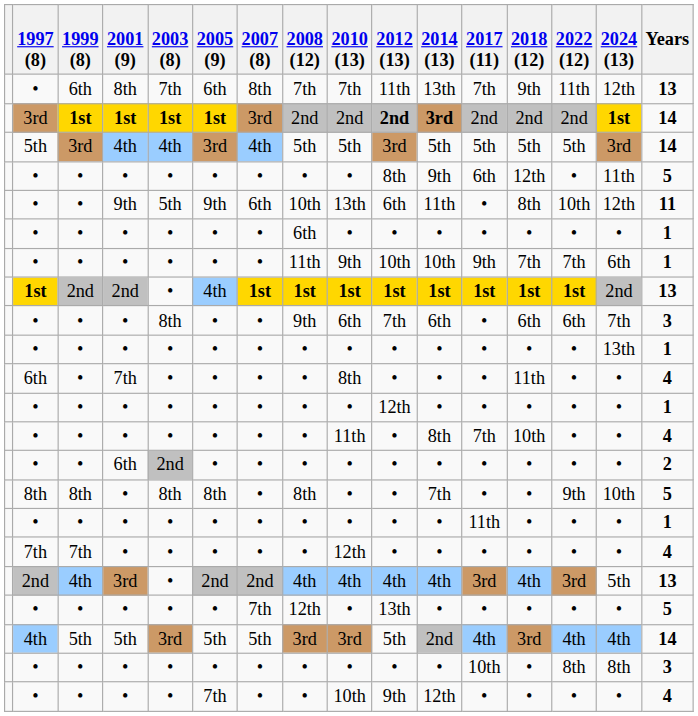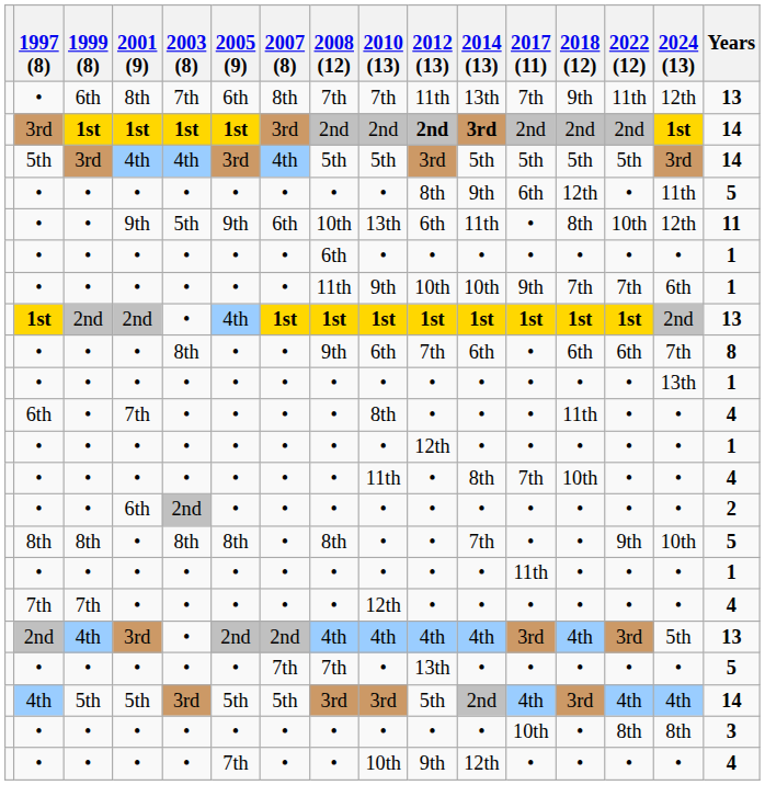 <table class="wikitable" style="text-align:center; font-size:100%">
 <tr>
 <th></th>
 <th><br><a href='#'>1997</a><br>(8)</th>
 <th><br><a href='#'>1999</a><br>(8)</th>
 <th><br><a href='#'>2001</a><br>(9)</th>
 <th><br><a href='#'>2003</a><br>(8)</th>
 <th><br><a href='#'>2005</a><br>(9)</th>
 <th><br><a href='#'>2007</a><br>(8)</th>
 <th><br><a href='#'>2008</a><br>(12)</th>
 <th><br><a href='#'>2010</a><br>(13)</th>
 <th><br><a href='#'>2012</a><br>(13)</th>
 <th><br><a href='#'>2014</a><br>(13)</th>
 <th><br><a href='#'>2017</a><br>(11)</th>
 <th><br><a href='#'>2018</a><br>(12)</th>
 <th><br><a href='#'>2022</a><br>(12)</th>
 <th><br><a href='#'>2024</a><br>(13)</th>
 <th>Years</th>
 </tr>
 <tr>
 <td align=left></td>
 <td>•</td>
 <td>6th</td>
 <td>8th</td>
 <td>7th</td>
 <td>6th</td>
 <td>8th</td>
 <td>7th</td>
 <td>7th</td>
 <td>11th</td>
 <td>13th</td>
 <td>7th</td>
 <td>9th</td>
 <td>11th</td>
 <td>12th</td>
 <td><strong>13</strong></td>
 </tr>
 <tr>
 <td align=left></td>
 <td bgcolor=#cc9966>3rd</td>
 <td bgcolor=gold><strong>1st</strong></td>
 <td bgcolor=gold><strong>1st</strong></td>
 <td bgcolor=gold><strong>1st</strong></td>
 <td bgcolor=gold><strong>1st</strong></td>
 <td bgcolor=#cc9966>3rd</td>
 <td bgcolor=silver>2nd</td>
 <td bgcolor=silver>2nd</td>
 <td bgcolor=silver><strong>2nd</strong></td>
 <td bgcolor=#cc9966><strong>3rd</strong></td>
 <td bgcolor=silver>2nd</td>
 <td bgcolor=silver>2nd</td>
 <td bgcolor=silver>2nd</td>
 <td bgcolor=gold><strong>1st</strong></td>
 <td><strong>14</strong></td>
 </tr>
 <tr>
 <td align=left></td>
 <td>5th</td>
 <td bgcolor=#cc9966>3rd</td>
 <td bgcolor="9acdff">4th</td>
 <td bgcolor="9acdff">4th</td>
 <td bgcolor=#cc9966>3rd</td>
 <td bgcolor="9acdff">4th</td>
 <td>5th</td>
 <td>5th</td>
 <td bgcolor=#cc9966>3rd</td>
 <td>5th</td>
 <td>5th</td>
 <td>5th</td>
 <td>5th</td>
 <td bgcolor=#cc9966>3rd</td>
 <td><strong>14</strong></td>
 </tr>
 <tr>
 <td align=left></td>
 <td>•</td>
 <td>•</td>
 <td>•</td>
 <td>•</td>
 <td>•</td>
 <td>•</td>
 <td>•</td>
 <td>•</td>
 <td>8th</td>
 <td>9th</td>
 <td>6th</td>
 <td>12th</td>
 <td>•</td>
 <td>11th</td>
 <td><strong>5</strong></td>
 </tr>
 <tr>
 <td align=left></td>
 <td>•</td>
 <td>•</td>
 <td>9th</td>
 <td>5th</td>
 <td>9th</td>
 <td>6th</td>
 <td>10th</td>
 <td>13th</td>
 <td>6th</td>
 <td>11th</td>
 <td>•</td>
 <td>8th</td>
 <td>10th</td>
 <td>12th</td>
 <td><strong>11</strong></td>
 </tr>
 <tr>
 <td align=left></td>
 <td>•</td>
 <td>•</td>
 <td>•</td>
 <td>•</td>
 <td>•</td>
 <td>•</td>
 <td>6th</td>
 <td>•</td>
 <td>•</td>
 <td>•</td>
 <td>•</td>
 <td>•</td>
 <td>•</td>
 <td>•</td>
 <td><strong>1</strong></td>
 </tr>
 <tr>
 <td align=left></td>
 <td>•</td>
 <td>•</td>
 <td>•</td>
 <td>•</td>
 <td>•</td>
 <td>•</td>
 <td>11th</td>
 <td>9th</td>
 <td>10th</td>
 <td>10th</td>
 <td>9th</td>
 <td>7th</td>
 <td>7th</td>
 <td>6th</td>
 <td><strong>1</strong></td>
 </tr>
 <tr>
 <td align=left></td>
 <td bgcolor=gold><strong>1st</strong></td>
 <td bgcolor=silver>2nd</td>
 <td bgcolor=silver>2nd</td>
 <td>•</td>
 <td bgcolor="9acdff">4th</td>
 <td bgcolor=gold><strong>1st</strong></td>
 <td bgcolor=gold><strong>1st</strong></td>
 <td bgcolor=gold><strong>1st</strong></td>
 <td bgcolor=gold><strong>1st</strong></td>
 <td bgcolor=gold><strong>1st</strong></td>
 <td bgcolor=gold><strong>1st</strong></td>
 <td bgcolor=gold><strong>1st</strong></td>
 <td bgcolor=gold><strong>1st</strong></td>
 <td bgcolor=silver>2nd</td>
 <td><strong>13</strong></td>
 </tr>
 <tr>
 <td align=left></td>
 <td>•</td>
 <td>•</td>
 <td>•</td>
 <td>8th</td>
 <td>•</td>
 <td>•</td>
 <td>9th</td>
 <td>6th</td>
 <td>7th</td>
 <td>6th</td>
 <td>•</td>
 <td>6th</td>
 <td>6th</td>
 <td>7th</td>
-<td><strong>3</strong></td>
+<td><strong>8</strong></td>
 </tr>
 <tr>
 <td align=left></td>
 <td>•</td>
 <td>•</td>
 <td>•</td>
 <td>•</td>
 <td>•</td>
 <td>•</td>
 <td>•</td>
 <td>•</td>
 <td>•</td>
 <td>•</td>
 <td>•</td>
 <td>•</td>
 <td>•</td>
 <td>13th</td>
 <td><strong>1</strong></td>
 </tr>
 <tr>
 <td align=left></td>
 <td>6th</td>
 <td>•</td>
 <td>7th</td>
 <td>•</td>
 <td>•</td>
 <td>•</td>
 <td>•</td>
 <td>8th</td>
 <td>•</td>
 <td>•</td>
 <td>•</td>
 <td>11th</td>
 <td>•</td>
 <td>•</td>
 <td><strong>4</strong></td>
 </tr>
 <tr>
 <td align=left></td>
 <td>•</td>
 <td>•</td>
 <td>•</td>
 <td>•</td>
 <td>•</td>
 <td>•</td>
 <td>•</td>
 <td>•</td>
 <td>12th</td>
 <td>•</td>
 <td>•</td>
 <td>•</td>
 <td>•</td>
 <td>•</td>
 <td><strong>1</strong></td>
 </tr>
 <tr>
 <td align=left></td>
 <td>•</td>
 <td>•</td>
 <td>•</td>
 <td>•</td>
 <td>•</td>
 <td>•</td>
 <td>•</td>
 <td>11th</td>
 <td>•</td>
 <td>8th</td>
 <td>7th</td>
 <td>10th</td>
 <td>•</td>
 <td>•</td>
 <td><strong>4</strong></td>
 </tr>
 <tr>
 <td align=left></td>
 <td>•</td>
 <td>•</td>
 <td>6th</td>
 <td bgcolor=silver>2nd</td>
 <td>•</td>
 <td>•</td>
 <td>•</td>
 <td>•</td>
 <td>•</td>
 <td>•</td>
 <td>•</td>
 <td>•</td>
 <td>•</td>
 <td>•</td>
 <td><strong>2</strong></td>
 </tr>
 <tr>
 <td align=left></td>
 <td>8th</td>
 <td>8th</td>
 <td>•</td>
 <td>8th</td>
 <td>8th</td>
 <td>•</td>
 <td>8th</td>
 <td>•</td>
 <td>•</td>
 <td>7th</td>
 <td>•</td>
 <td>•</td>
 <td>9th</td>
 <td>10th</td>
 <td><strong>5</strong></td>
 </tr>
 <tr>
 <td align=left></td>
 <td>•</td>
 <td>•</td>
 <td>•</td>
 <td>•</td>
 <td>•</td>
 <td>•</td>
 <td>•</td>
 <td>•</td>
 <td>•</td>
 <td>•</td>
 <td>11th</td>
 <td>•</td>
 <td>•</td>
 <td>•</td>
 <td><strong>1</strong></td>
 </tr>
 <tr>
 <td align=left></td>
 <td>7th</td>
 <td>7th</td>
 <td>•</td>
 <td>•</td>
 <td>•</td>
 <td>•</td>
 <td>•</td>
 <td>12th</td>
 <td>•</td>
 <td>•</td>
 <td>•</td>
 <td>•</td>
 <td>•</td>
 <td>•</td>
 <td><strong>4</strong></td>
 </tr>
 <tr>
 <td align=left></td>
 <td bgcolor=silver>2nd</td>
 <td bgcolor="9acdff">4th</td>
 <td bgcolor=#cc9966>3rd</td>
 <td>•</td>
 <td bgcolor=silver>2nd</td>
 <td bgcolor=silver>2nd</td>
 <td bgcolor="9acdff">4th</td>
 <td bgcolor="9acdff">4th</td>
 <td bgcolor="9acdff">4th</td>
 <td bgcolor="9acdff">4th</td>
 <td bgcolor=#cc9966>3rd</td>
 <td bgcolor="9acdff">4th</td>
 <td bgcolor=#cc9966>3rd</td>
 <td>5th</td>
 <td><strong>13</strong></td>
 </tr>
 <tr>
 <td align=left></td>
 <td>•</td>
 <td>•</td>
 <td>•</td>
 <td>•</td>
 <td>•</td>
 <td>7th</td>
-<td>12th</td>
+<td>7th</td>
 <td>•</td>
 <td>13th</td>
 <td>•</td>
 <td>•</td>
 <td>•</td>
 <td>•</td>
 <td>•</td>
 <td><strong>5</strong></td>
 </tr>
 <tr>
 <td align=left></td>
 <td bgcolor="9acdff">4th</td>
 <td>5th</td>
 <td>5th</td>
 <td bgcolor=#cc9966>3rd</td>
 <td>5th</td>
 <td>5th</td>
 <td bgcolor=#cc9966>3rd</td>
 <td bgcolor=#cc9966>3rd</td>
 <td>5th</td>
 <td bgcolor=silver>2nd</td>
 <td bgcolor="9acdff">4th</td>
 <td bgcolor=#cc9966>3rd</td>
 <td bgcolor="9acdff">4th</td>
 <td bgcolor="9acdff">4th</td>
 <td><strong>14</strong></td>
 </tr>
 <tr>
 <td align=left></td>
 <td>•</td>
 <td>•</td>
 <td>•</td>
 <td>•</td>
 <td>•</td>
 <td>•</td>
 <td>•</td>
 <td>•</td>
 <td>•</td>
 <td>•</td>
 <td>10th</td>
 <td>•</td>
 <td>8th</td>
 <td>8th</td>
 <td><strong>3</strong></td>
 </tr>
 <tr>
 <td align=left></td>
 <td>•</td>
 <td>•</td>
 <td>•</td>
 <td>•</td>
 <td>7th</td>
 <td>•</td>
 <td>•</td>
 <td>10th</td>
 <td>9th</td>
 <td>12th</td>
 <td>•</td>
 <td>•</td>
 <td>•</td>
 <td>•</td>
 <td><strong>4</strong></td>
 </tr>
 </table>
